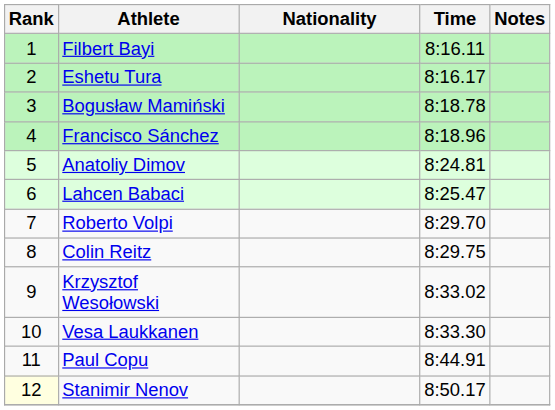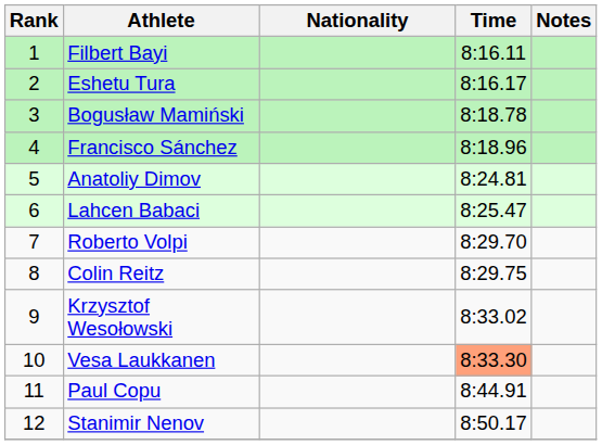 <table class="wikitable sortable" style="text-align:center">
 <tr>
 <th width=30>Rank</th>
 <th width=150>Athlete</th>
 <th width=150>Nationality</th>
 <th width=30>Time</th>
 <th width=30>Notes</th>
 </tr>
 <tr bgcolor=bbf3bb>
 <td>1</td>
 <td align="left"><a href='#'>Filbert Bayi</a></td>
 <td align="left"></td>
 <td>8:16.11</td>
 <td></td>
 </tr>
 <tr bgcolor=bbf3bb>
 <td>2</td>
 <td align="left"><a href='#'>Eshetu Tura</a></td>
 <td align="left"></td>
 <td>8:16.17</td>
 <td></td>
 </tr>
 <tr bgcolor=bbf3bb>
 <td>3</td>
 <td align="left"><a href='#'>Bogusław Mamiński</a></td>
 <td align="left"></td>
 <td>8:18.78</td>
 <td></td>
 </tr>
 <tr bgcolor=bbf3bb>
 <td>4</td>
 <td align="left"><a href='#'>Francisco Sánchez</a></td>
 <td align="left"></td>
 <td>8:18.96</td>
 <td></td>
 </tr>
 <tr bgcolor=#ddffdd>
 <td>5</td>
 <td align="left"><a href='#'>Anatoliy Dimov</a></td>
 <td align="left"></td>
 <td>8:24.81</td>
 <td></td>
 </tr>
 <tr bgcolor=#ddffdd>
 <td>6</td>
 <td align="left"><a href='#'>Lahcen Babaci</a></td>
 <td align="left"></td>
 <td>8:25.47</td>
 <td></td>
 </tr>
 <tr>
 <td>7</td>
 <td align="left"><a href='#'>Roberto Volpi</a></td>
 <td align="left"></td>
 <td>8:29.70</td>
 <td></td>
 </tr>
 <tr>
 <td>8</td>
 <td align="left"><a href='#'>Colin Reitz</a></td>
 <td align="left"></td>
 <td>8:29.75</td>
 <td></td>
 </tr>
 <tr>
 <td>9</td>
 <td align="left"><a href='#'>Krzysztof Wesołowski</a></td>
 <td align="left"></td>
 <td>8:33.02</td>
 <td></td>
 </tr>
 <tr>
 <td>10</td>
 <td align="left"><a href='#'>Vesa Laukkanen</a></td>
 <td align="left"></td>
-<td>8:33.30</td>
+<td style="background: lightsalmon;">8:33.30</td>
 <td></td>
 </tr>
 <tr>
 <td>11</td>
 <td align="left"><a href='#'>Paul Copu</a></td>
 <td align="left"></td>
 <td>8:44.91</td>
 <td></td>
 </tr>
 <tr>
-<td style="background: lightyellow;">12</td>
+<td>12</td>
 <td align="left"><a href='#'>Stanimir Nenov</a></td>
 <td align="left"></td>
 <td>8:50.17</td>
 <td></td>
 </tr>
 <tr>
 </tr>
 </table>
